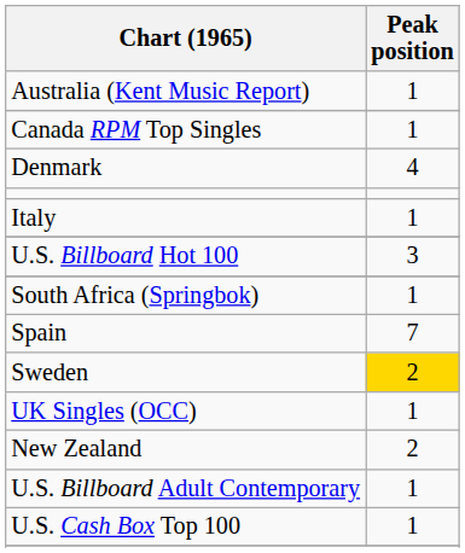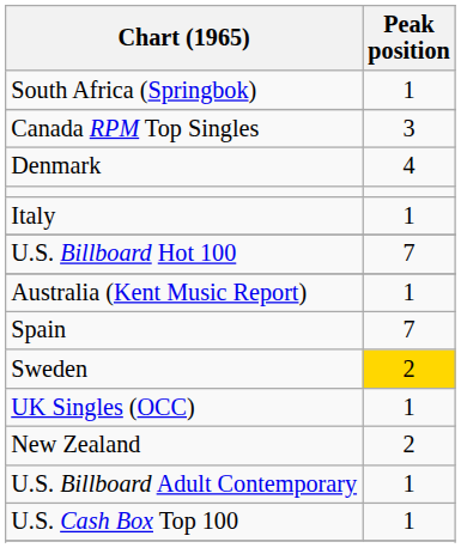 <table class="wikitable sortable">
 <tr>
 <th>Chart (1965)</th>
 <th>Peak<br>position</th>
 </tr>
 <tr>
-<td>Australia (<a href='#'>Kent Music Report</a>)</td>
+<td>South Africa (<a href='#'>Springbok</a>)</td>
 <td style="text-align:center;">1</td>
 </tr>
 <tr>
 </tr>
 <tr>
 </tr>
 <tr>
 <td>Canada <em><a href='#'>RPM</a></em> Top Singles</td>
-<td style="text-align:center;">1</td>
+<td style="text-align:center;">3</td>
 </tr>
 <tr>
 <td>Denmark</td>
 <td style="text-align:center;">4</td>
 </tr>
 <tr>
 <td></td>
 </tr>
 <tr>
 <td>Italy</td>
 <td style="text-align:center;">1</td>
 </tr>
 <tr>
 </tr>
 <tr>
 <td>U.S. <em><a href='#'>Billboard</a></em> <a href='#'>Hot 100</a></td>
-<td style="text-align:center;">3</td>
+<td style="text-align:center;">7</td>
 </tr>
 <tr>
 </tr>
 <tr>
-<td>South Africa (<a href='#'>Springbok</a>)</td>
+<td>Australia (<a href='#'>Kent Music Report</a>)</td>
 <td align="center">1</td>
 </tr>
 <tr>
 <td>Spain</td>
 <td style="text-align:center;">7</td>
 </tr>
 <tr>
 <td>Sweden</td>
 <td style="background: gold; text-align:center;">2</td>
 </tr>
 <tr>
 <td><a href='#'>UK Singles</a> (<a href='#'>OCC</a>)</td>
 <td style="text-align:center;">1</td>
 </tr>
 <tr>
 <td>New Zealand</td>
 <td style="text-align:center;">2</td>
 </tr>
 <tr>
 <td>U.S. <em>Billboard</em> <a href='#'>Adult Contemporary</a></td>
 <td style="text-align:center;">1</td>
 </tr>
 <tr>
 <td>U.S. <a href='#'><em>Cash Box</em></a> Top 100</td>
 <td align="center">1</td>
 </tr>
 <tr>
 </tr>
 <tr>
 </tr>
 </table>
